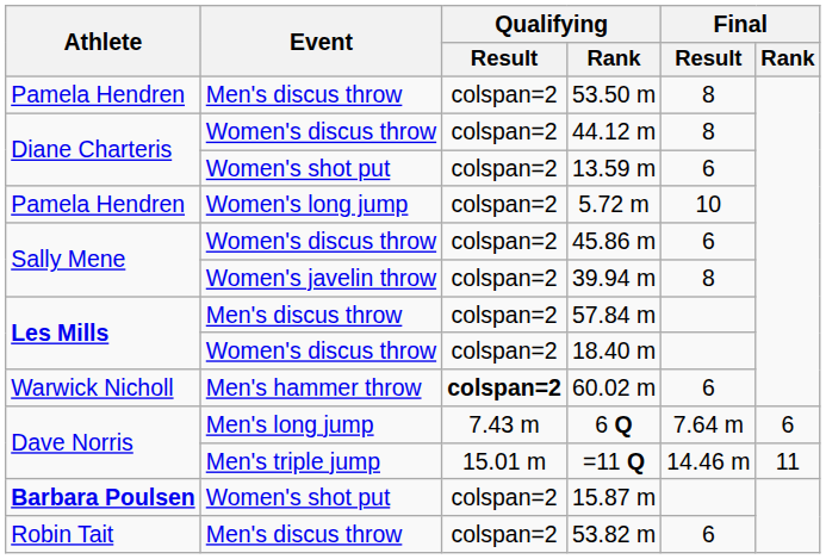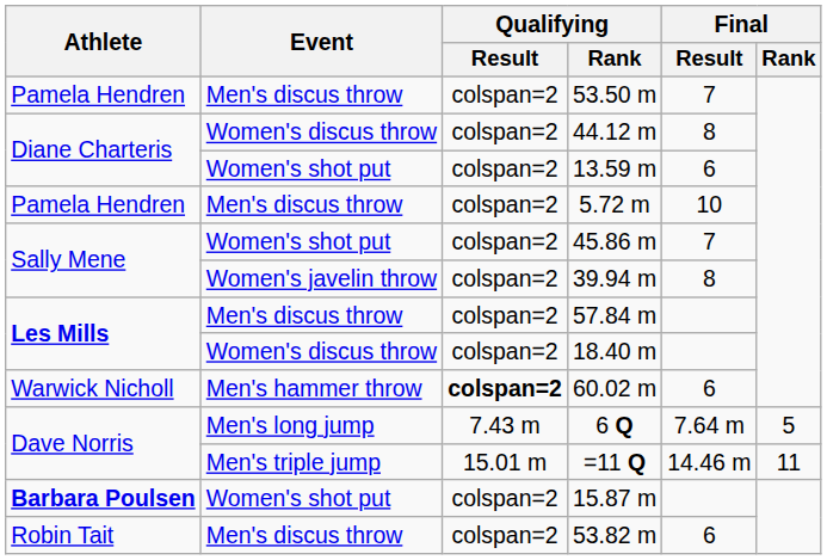 <table class=wikitable style=font-size:90%>
 <tr>
 <th rowspan=2>Athlete</th>
 <th rowspan=2>Event</th>
 <th colspan=2>Qualifying</th>
 <th colspan=2>Final</th>
 </tr>
 <tr style=font-size:95%>
 <th>Result</th>
 <th>Rank</th>
 <th>Result</th>
 <th>Rank</th>
 </tr>
 <tr align=center>
 <td align=left><a href='#'>Pamela Hendren</a></td>
 <td align=left><a href='#'>Men's discus throw</a></td>
 <td>colspan=2 </td>
 <td>53.50 m</td>
-<td>8</td>
+<td>7</td>
 </tr>
 <tr align=center>
 <td align=left rowspan=2><a href='#'>Diane Charteris</a></td>
 <td align=left><a href='#'>Women's discus throw</a></td>
 <td>colspan=2 </td>
 <td>44.12 m</td>
 <td>8</td>
 </tr>
 <tr align=center>
 <td align=left><a href='#'>Women's shot put</a></td>
 <td>colspan=2 </td>
 <td>13.59 m</td>
 <td>6</td>
 </tr>
 <tr align=center>
 <td align=left><a href='#'>Pamela Hendren</a></td>
-<td align=left><a href='#'>Women's long jump</a></td>
+<td align=left><a href='#'>Men's discus throw</a></td>
 <td>colspan=2 </td>
 <td>5.72 m</td>
 <td>10</td>
 </tr>
 <tr align=center>
 <td align=left rowspan=2><a href='#'>Sally Mene</a></td>
-<td align=left><a href='#'>Women's discus throw</a></td>
+<td align=left><a href='#'>Women's shot put</a></td>
 <td>colspan=2 </td>
 <td>45.86 m</td>
-<td>6</td>
+<td>7</td>
 </tr>
 <tr align=center>
 <td align=left><a href='#'>Women's javelin throw</a></td>
 <td>colspan=2 </td>
 <td>39.94 m</td>
 <td>8</td>
 </tr>
 <tr align=center>
 <td align=left rowspan=2><strong><a href='#'>Les Mills</a></strong></td>
 <td align=left><a href='#'>Men's discus throw</a></td>
 <td>colspan=2 </td>
 <td>57.84 m</td>
 <td></td>
 </tr>
 <tr align=center>
 <td align=left><a href='#'>Women's discus throw</a></td>
 <td>colspan=2 </td>
 <td>18.40 m</td>
 <td></td>
 </tr>
 <tr align=center>
 <td align=left><a href='#'>Warwick Nicholl</a></td>
 <td align=left><a href='#'>Men's hammer throw</a></td>
 <td><strong>colspan=2 </strong></td>
 <td>60.02 m</td>
 <td>6</td>
 </tr>
 <tr align=center>
 <td align=left rowspan=2><a href='#'>Dave Norris</a></td>
 <td align=left><a href='#'>Men's long jump</a></td>
 <td>7.43 m</td>
 <td>6 <strong>Q</strong></td>
 <td>7.64 m</td>
-<td>6</td>
+<td>5</td>
 </tr>
 <tr align=center>
 <td align=left><a href='#'>Men's triple jump</a></td>
 <td>15.01 m</td>
 <td>=11 <strong>Q</strong></td>
 <td>14.46 m</td>
 <td>11</td>
 </tr>
 <tr align=center>
 <td align=left><strong><a href='#'>Barbara Poulsen</a></strong></td>
 <td align=left><a href='#'>Women's shot put</a></td>
 <td>colspan=2 </td>
 <td>15.87 m</td>
 <td></td>
 </tr>
 <tr align=center>
 <td align=left><a href='#'>Robin Tait</a></td>
 <td align=left><a href='#'>Men's discus throw</a></td>
 <td>colspan=2 </td>
 <td>53.82 m</td>
 <td>6</td>
 </tr>
 </table>
